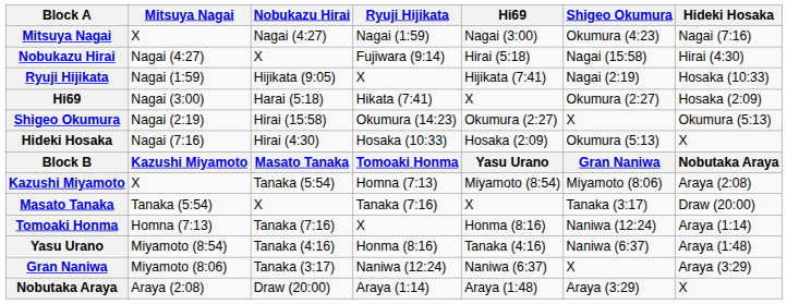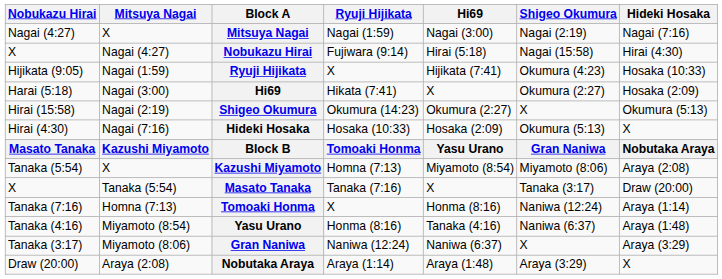 <table class="wikitable" style="margin: 1em auto 1em auto">
 <tr>
+<th><a href='#'>Nobukazu Hirai</a></th>
+<th><a href='#'>Mitsuya Nagai</a></th>
 <th>Block A</th>
-<th><a href='#'>Mitsuya Nagai</a></th>
-<th><a href='#'>Nobukazu Hirai</a></th>
 <th><a href='#'>Ryuji Hijikata</a></th>
 <th>Hi69</th>
 <th><a href='#'>Shigeo Okumura</a></th>
 <th>Hideki Hosaka</th>
 </tr>
 <tr>
+<td>Nagai (4:27)</td>
+<td>X</td>
 <th><a href='#'>Mitsuya Nagai</a></th>
-<td>X</td>
-<td>Nagai (4:27)</td>
 <td>Nagai (1:59)</td>
 <td>Nagai (3:00)</td>
-<td>Okumura (4:23)</td>
+<td>Nagai (2:19)</td>
 <td>Nagai (7:16)</td>
 </tr>
 <tr>
+<td>X</td>
+<td>Nagai (4:27)</td>
 <th><a href='#'>Nobukazu Hirai</a></th>
-<td>Nagai (4:27)</td>
-<td>X</td>
 <td>Fujiwara (9:14)</td>
 <td>Hirai (5:18)</td>
 <td>Nagai (15:58)</td>
 <td>Hirai (4:30)</td>
 </tr>
 <tr>
+<td>Hijikata (9:05)</td>
+<td>Nagai (1:59)</td>
 <th><a href='#'>Ryuji Hijikata</a></th>
-<td>Nagai (1:59)</td>
-<td>Hijikata (9:05)</td>
 <td>X</td>
 <td>Hijikata (7:41)</td>
-<td>Nagai (2:19)</td>
+<td>Okumura (4:23)</td>
 <td>Hosaka (10:33)</td>
 </tr>
 <tr>
+<td>Harai (5:18)</td>
+<td>Nagai (3:00)</td>
 <th>Hi69</th>
-<td>Nagai (3:00)</td>
-<td>Harai (5:18)</td>
 <td>Hikata (7:41)</td>
 <td>X</td>
 <td>Okumura (2:27)</td>
 <td>Hosaka (2:09)</td>
 </tr>
 <tr>
+<td>Hirai (15:58)</td>
+<td>Nagai (2:19)</td>
 <th><a href='#'>Shigeo Okumura</a></th>
-<td>Nagai (2:19)</td>
-<td>Hirai (15:58)</td>
 <td>Okumura (14:23)</td>
 <td>Okumura (2:27)</td>
 <td>X</td>
 <td>Okumura (5:13)</td>
 </tr>
 <tr>
+<td>Hirai (4:30)</td>
+<td>Nagai (7:16)</td>
 <th>Hideki Hosaka</th>
-<td>Nagai (7:16)</td>
-<td>Hirai (4:30)</td>
 <td>Hosaka (10:33)</td>
 <td>Hosaka (2:09)</td>
 <td>Okumura (5:13)</td>
 <td>X</td>
 </tr>
 <tr>
+<th><a href='#'>Masato Tanaka</a></th>
+<th><a href='#'>Kazushi Miyamoto</a></th>
 <th>Block B</th>
-<th><a href='#'>Kazushi Miyamoto</a></th>
-<th><a href='#'>Masato Tanaka</a></th>
 <th><a href='#'>Tomoaki Honma</a></th>
 <th>Yasu Urano</th>
 <th><a href='#'>Gran Naniwa</a></th>
 <th>Nobutaka Araya</th>
 </tr>
 <tr>
+<td>Tanaka (5:54)</td>
+<td>X</td>
 <th><a href='#'>Kazushi Miyamoto</a></th>
-<td>X</td>
-<td>Tanaka (5:54)</td>
 <td>Homna (7:13)</td>
 <td>Miyamoto (8:54)</td>
 <td>Miyamoto (8:06)</td>
 <td>Araya (2:08)</td>
 </tr>
 <tr>
+<td>X</td>
+<td>Tanaka (5:54)</td>
 <th><a href='#'>Masato Tanaka</a></th>
-<td>Tanaka (5:54)</td>
-<td>X</td>
 <td>Tanaka (7:16)</td>
 <td>X</td>
 <td>Tanaka (3:17)</td>
 <td>Draw (20:00)</td>
 </tr>
 <tr>
+<td>Tanaka (7:16)</td>
+<td>Homna (7:13)</td>
 <th><a href='#'>Tomoaki Honma</a></th>
-<td>Homna (7:13)</td>
-<td>Tanaka (7:16)</td>
 <td>X</td>
 <td>Honma (8:16)</td>
 <td>Naniwa (12:24)</td>
 <td>Araya (1:14)</td>
 </tr>
 <tr>
+<td>Tanaka (4:16)</td>
+<td>Miyamoto (8:54)</td>
 <th>Yasu Urano</th>
-<td>Miyamoto (8:54)</td>
-<td>Tanaka (4:16)</td>
 <td>Honma (8:16)</td>
 <td>Tanaka (4:16)</td>
 <td>Naniwa (6:37)</td>
 <td>Araya (1:48)</td>
 </tr>
 <tr>
+<td>Tanaka (3:17)</td>
+<td>Miyamoto (8:06)</td>
 <th><a href='#'>Gran Naniwa</a></th>
-<td>Miyamoto (8:06)</td>
-<td>Tanaka (3:17)</td>
 <td>Naniwa (12:24)</td>
 <td>Naniwa (6:37)</td>
 <td>X</td>
 <td>Araya (3:29)</td>
 </tr>
 <tr>
+<td>Draw (20:00)</td>
+<td>Araya (2:08)</td>
 <th>Nobutaka Araya</th>
-<td>Araya (2:08)</td>
-<td>Draw (20:00)</td>
 <td>Araya (1:14)</td>
 <td>Araya (1:48)</td>
 <td>Araya (3:29)</td>
 <td>X</td>
 </tr>
 </table>
